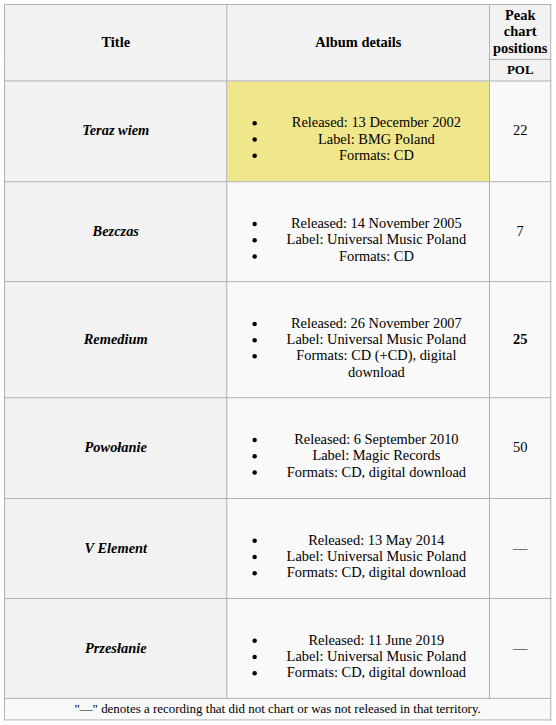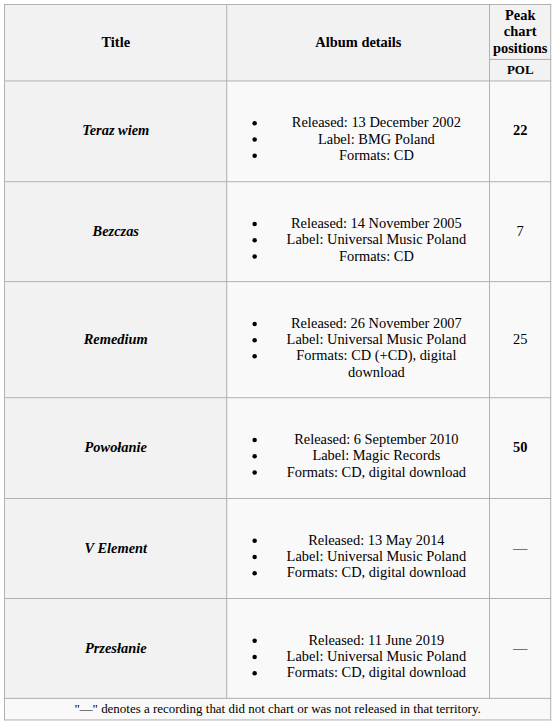 <table class="wikitable plainrowheaders" style="text-align:center;">
 <tr>
 <th scope="col" rowspan="2" style="width:15em;">Title</th>
 <th scope="col" rowspan="2">Album details</th>
 <th scope="col" colspan="1">Peak chart positions</th>
 </tr>
 <tr>
 <th scope="col" style="width:3em;font-size:90%;">POL<br></th>
 </tr>
 <tr>
 <th scope="row"><em>Teraz wiem</em></th>
-<td style="background: khaki;"><br><ul><li>Released: 13 December 2002</li><li>Label: BMG Poland</li><li>Formats: CD</li></ul></td>
-<td>22</td>
+<td><br><ul><li>Released: 13 December 2002</li><li>Label: BMG Poland</li><li>Formats: CD</li></ul></td>
+<td><strong>22</strong></td>
 </tr>
 <tr>
 <th scope="row"><em>Bezczas</em></th>
 <td><br><ul><li>Released: 14 November 2005</li><li>Label: Universal Music Poland</li><li>Formats: CD</li></ul></td>
 <td>7</td>
 </tr>
 <tr>
 <th scope="row"><em>Remedium</em></th>
 <td><br><ul><li>Released: 26 November 2007</li><li>Label: Universal Music Poland</li><li>Formats: CD (+CD), digital download</li></ul></td>
-<td><strong>25</strong></td>
+<td>25</td>
 </tr>
 <tr>
 <th scope="row"><em>Powołanie</em></th>
 <td><br><ul><li>Released: 6 September 2010</li><li>Label: Magic Records</li><li>Formats: CD, digital download</li></ul></td>
-<td>50</td>
+<td><strong>50</strong></td>
 </tr>
 <tr>
 <th scope="row"><em>V Element</em></th>
 <td><br><ul><li>Released: 13 May 2014</li><li>Label: Universal Music Poland</li><li>Formats: CD, digital download</li></ul></td>
 <td>—</td>
 </tr>
 <tr>
 <th scope="row"><em>Przesłanie</em></th>
 <td><br><ul><li>Released: 11 June 2019</li><li>Label: Universal Music Poland</li><li>Formats: CD, digital download</li></ul></td>
 <td>—</td>
 </tr>
 <tr>
 <td colspan="20" style="font-size:90%">"—" denotes a recording that did not chart or was not released in that territory.</td>
 </tr>
 </table>
